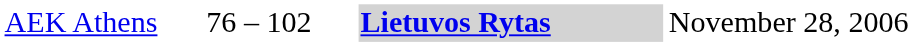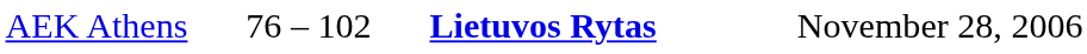 <table style="text-align:center">
 <tr>
 <th width=160></th>
 <th width=100></th>
 <th width=160></th>
 <th width=200></th>
 </tr>
 <tr>
 <td align=right><a href='#'>AEK Athens</a> </td>
 <td>76 – 102</td>
-<td align=left style="background: lightgrey;"> <strong><a href='#'>Lietuvos Rytas</a></strong></td>
+<td align=left> <strong><a href='#'>Lietuvos Rytas</a></strong></td>
 <td align=left>November 28, 2006</td>
 </tr>
 </table>
